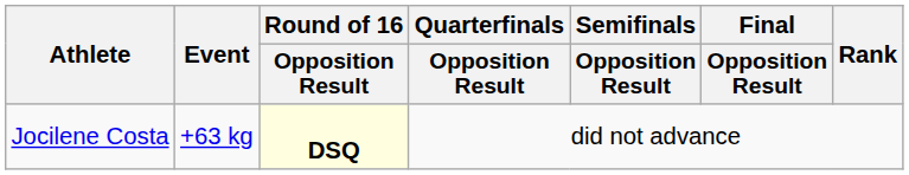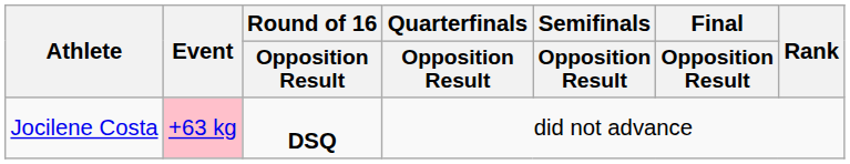 <table class="wikitable" style="font-size:90%;">
 <tr>
 <th rowspan=2>Athlete</th>
 <th rowspan=2>Event</th>
 <th>Round of 16</th>
 <th>Quarterfinals</th>
 <th>Semifinals</th>
 <th>Final</th>
 <th rowspan=2>Rank</th>
 </tr>
 <tr style="font-size:95%">
 <th>Opposition<br>Result</th>
 <th>Opposition<br>Result</th>
 <th>Opposition<br>Result</th>
 <th>Opposition<br>Result</th>
 </tr>
 <tr align=center>
 <td align=left><a href='#'>Jocilene Costa</a></td>
-<td align=left><a href='#'>+63 kg</a></td>
-<td style="background: lightyellow;"> <br> <strong>DSQ</strong></td>
+<td align=left style="background: pink;"><a href='#'>+63 kg</a></td>
+<td> <br> <strong>DSQ</strong></td>
 <td colspan=4>did not advance</td>
 </tr>
 </table>
